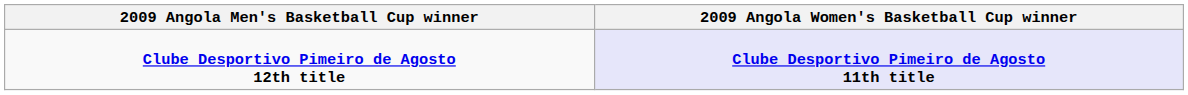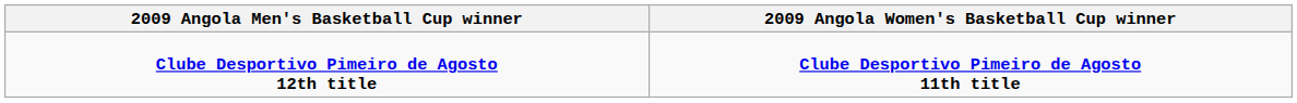 <table class=wikitable style="text-align:center; width: 1000px; margin:auto">
 <tr>
 <th width=600px>2009 Angola Men's Basketball Cup winner</th>
 <th width=600px>2009 Angola Women's Basketball Cup winner</th>
 </tr>
 <tr>
 <td><br><strong><a href='#'>Clube Desportivo Pimeiro de Agosto</a></strong><br><strong>12th title</strong></td>
-<td style="background: lavender;"><br><strong><a href='#'>Clube Desportivo Pimeiro de Agosto</a></strong><br><strong>11th title</strong></td>
+<td><br><strong><a href='#'>Clube Desportivo Pimeiro de Agosto</a></strong><br><strong>11th title</strong></td>
 </tr>
 </table>
